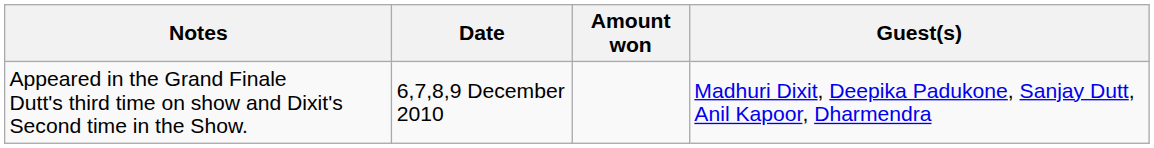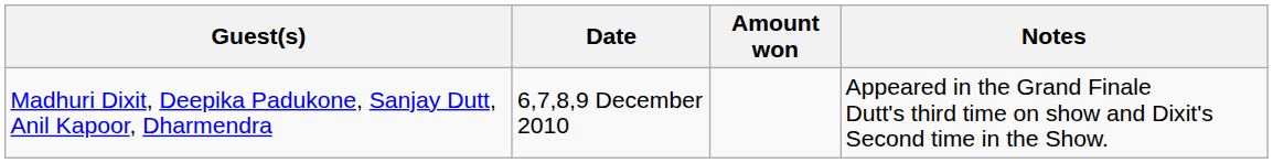 <table class="wikitable">
 <tr>
-<th>Notes</th>
+<th>Guest(s)</th>
 <th>Date</th>
 <th>Amount won</th>
-<th>Guest(s)</th>
+<th>Notes</th>
 </tr>
 <tr>
-<td>Appeared in the Grand Finale<br>Dutt's third time on show and Dixit's Second time in the Show.</td>
+<td><a href='#'>Madhuri Dixit</a>, <a href='#'>Deepika Padukone</a>, <a href='#'>Sanjay Dutt</a>, <a href='#'>Anil Kapoor</a>, <a href='#'>Dharmendra</a></td>
 <td>6,7,8,9 December 2010</td>
 <td></td>
-<td><a href='#'>Madhuri Dixit</a>, <a href='#'>Deepika Padukone</a>, <a href='#'>Sanjay Dutt</a>, <a href='#'>Anil Kapoor</a>, <a href='#'>Dharmendra</a></td>
+<td>Appeared in the Grand Finale<br>Dutt's third time on show and Dixit's Second time in the Show.</td>
 </tr>
 </table>
